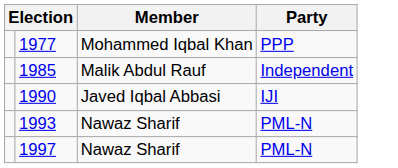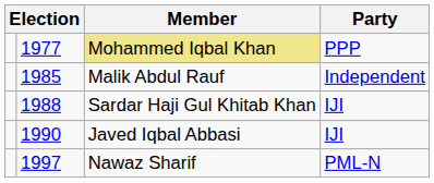 <table class="wikitable">
 <tr>
 <th colspan="2">Election</th>
 <th>Member</th>
 <th>Party</th>
 </tr>
 <tr>
 <td style="background-color: "></td>
 <td><a href='#'>1977</a></td>
-<td>Mohammed Iqbal Khan</td>
+<td style="background: khaki;">Mohammed Iqbal Khan</td>
 <td><a href='#'>PPP</a></td>
 </tr>
 <tr>
 <td style="background-color: "></td>
 <td><a href='#'>1985</a></td>
 <td>Malik Abdul Rauf</td>
 <td><a href='#'>Independent</a></td>
 </tr>
 <tr>
 <td style="background-color: "></td>
-<td><a href='#'>1990</a></td>
-<td>Javed Iqbal Abbasi</td>
+<td><a href='#'>1988</a></td>
+<td>Sardar Haji Gul Khitab Khan</td>
 <td><a href='#'>IJI</a></td>
 </tr>
 <tr>
 <td style="background-color: "></td>
-<td><a href='#'>1993</a></td>
-<td>Nawaz Sharif</td>
-<td><a href='#'>PML-N</a></td>
+<td><a href='#'>1990</a></td>
+<td>Javed Iqbal Abbasi</td>
+<td><a href='#'>IJI</a></td>
 </tr>
 <tr>
 <td style="background-color: "></td>
 <td><a href='#'>1997</a></td>
 <td>Nawaz Sharif</td>
 <td><a href='#'>PML-N</a></td>
 </tr>
 </table>
